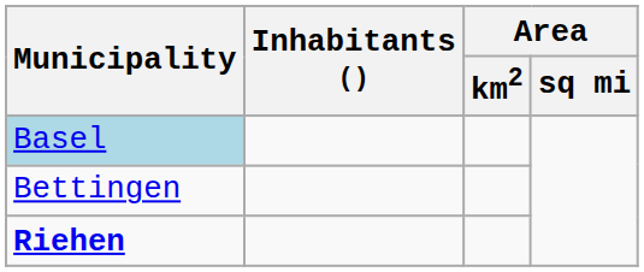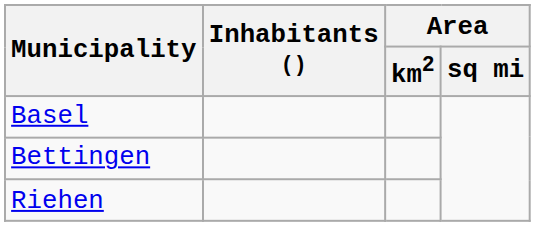 <table class="wikitable">
 <tr>
 <th rowspan="2">Municipality</th>
 <th rowspan="2">Inhabitants<br><small>()</small></th>
 <th colspan="2">Area</th>
 </tr>
 <tr>
 <th>km<sup>2</sup></th>
 <th>sq mi</th>
 </tr>
 <tr>
-<td style="background: lightblue;"><a href='#'>Basel</a></td>
+<td><a href='#'>Basel</a></td>
 <td></td>
 <td></td>
 </tr>
 <tr>
 <td><a href='#'>Bettingen</a></td>
 <td></td>
 <td></td>
 </tr>
 <tr>
-<td><strong><a href='#'>Riehen</a></strong></td>
+<td><a href='#'>Riehen</a></td>
 <td></td>
 <td></td>
 </tr>
 </table>
